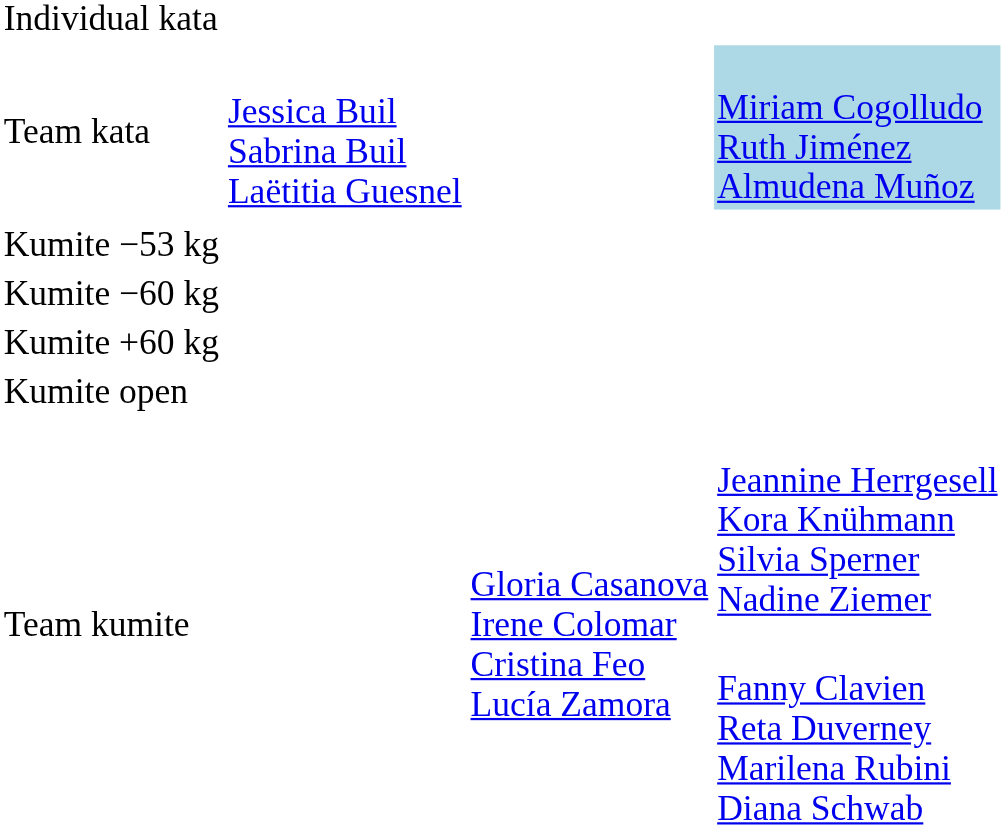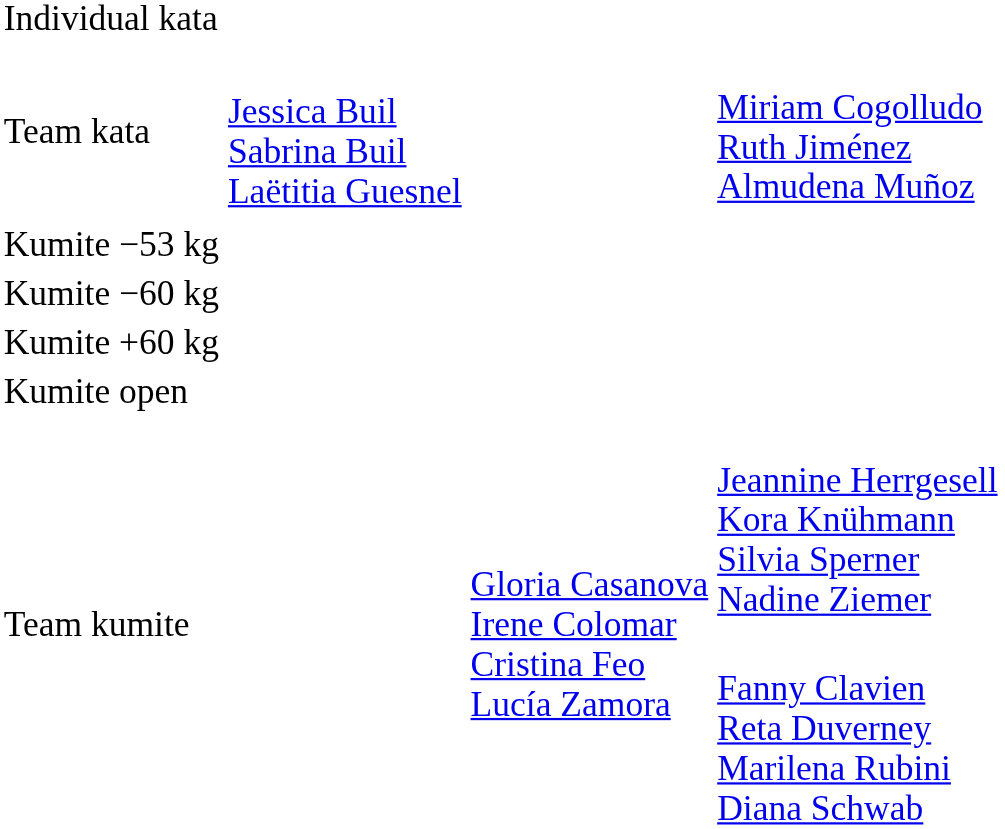 <table>
 <tr>
 <td rowspan=2>Individual kata</td>
 <td rowspan=2></td>
 <td rowspan=2></td>
 <td></td>
 </tr>
 <tr>
 <td></td>
 </tr>
 <tr>
 <td rowspan=2>Team kata</td>
 <td rowspan=2><br><a href='#'>Jessica Buil</a><br><a href='#'>Sabrina Buil</a><br><a href='#'>Laëtitia Guesnel</a></td>
 <td rowspan=2></td>
-<td style="background: lightblue;"><br><a href='#'>Miriam Cogolludo</a><br><a href='#'>Ruth Jiménez</a><br><a href='#'>Almudena Muñoz</a></td>
+<td><br><a href='#'>Miriam Cogolludo</a><br><a href='#'>Ruth Jiménez</a><br><a href='#'>Almudena Muñoz</a></td>
 </tr>
 <tr>
 <td></td>
 </tr>
 <tr>
 <td rowspan=2>Kumite −53 kg</td>
 <td rowspan=2></td>
 <td rowspan=2></td>
 <td></td>
 </tr>
 <tr>
 <td></td>
 </tr>
 <tr>
 <td rowspan=2>Kumite −60 kg</td>
 <td rowspan=2></td>
 <td rowspan=2></td>
 <td></td>
 </tr>
 <tr>
 <td></td>
 </tr>
 <tr>
 <td rowspan=2>Kumite +60 kg</td>
 <td rowspan=2></td>
 <td rowspan=2></td>
 <td></td>
 </tr>
 <tr>
 <td></td>
 </tr>
 <tr>
 <td rowspan=2>Kumite open</td>
 <td rowspan=2></td>
 <td rowspan=2></td>
 <td></td>
 </tr>
 <tr>
 <td></td>
 </tr>
 <tr>
 <td rowspan=2>Team kumite</td>
 <td rowspan=2></td>
 <td rowspan=2><br><a href='#'>Gloria Casanova</a><br><a href='#'>Irene Colomar</a><br><a href='#'>Cristina Feo</a><br><a href='#'>Lucía Zamora</a></td>
 <td><br><a href='#'>Jeannine Herrgesell</a><br><a href='#'>Kora Knühmann</a><br><a href='#'>Silvia Sperner</a><br><a href='#'>Nadine Ziemer</a></td>
 </tr>
 <tr>
 <td><br><a href='#'>Fanny Clavien</a><br><a href='#'>Reta Duverney</a><br><a href='#'>Marilena Rubini</a><br><a href='#'>Diana Schwab</a></td>
 </tr>
 </table>
